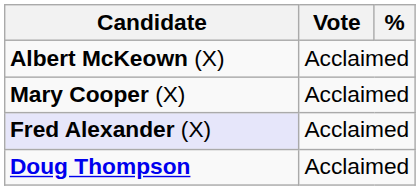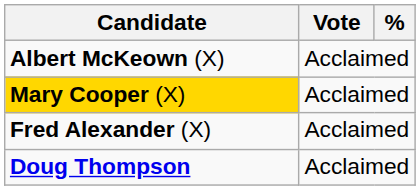 <table class="wikitable">
 <tr>
 <th bgcolor="#DDDDFF" width="200px">Candidate</th>
 <th bgcolor="#DDDDFF">Vote</th>
 <th bgcolor="#DDDDFF">%</th>
 </tr>
 <tr>
 <td><strong>Albert McKeown</strong> (X)</td>
 <td colspan="2">Acclaimed</td>
 </tr>
 <tr>
-<td><strong>Mary Cooper</strong> (X)</td>
+<td style="background: gold;"><strong>Mary Cooper</strong> (X)</td>
 <td colspan="2">Acclaimed</td>
 </tr>
 <tr>
-<td style="background: lavender;"><strong>Fred Alexander</strong> (X)</td>
+<td><strong>Fred Alexander</strong> (X)</td>
 <td colspan="2">Acclaimed</td>
 </tr>
 <tr>
 <td><strong><a href='#'>Doug Thompson</a></strong></td>
 <td colspan="2">Acclaimed</td>
 </tr>
 </table>
